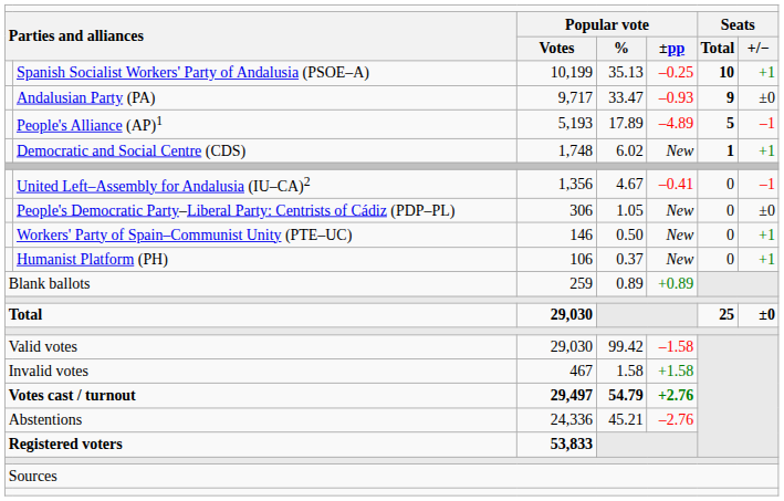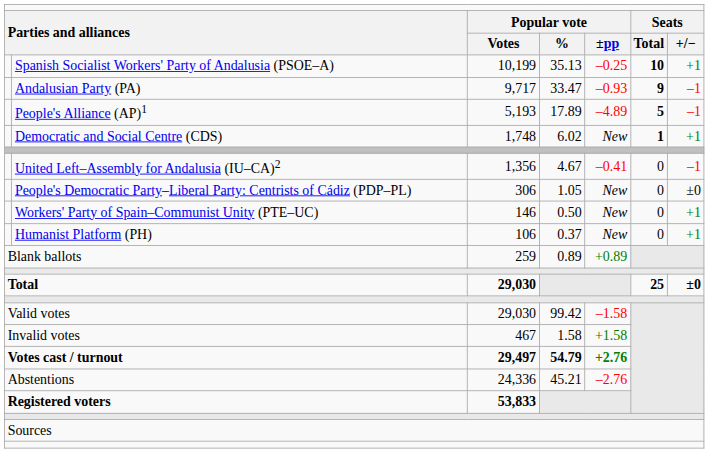 <table class="wikitable" style="text-align:right;">
 <tr>
 <td colspan="7"></td>
 </tr>
 <tr>
 <th style="text-align:left;" rowspan="2" colspan="2" width="525">Parties and alliances</th>
 <th colspan="3">Popular vote</th>
 <th colspan="2">Seats</th>
 </tr>
 <tr>
 <th width="75">Votes</th>
 <th width="45">%</th>
 <th width="45">±<a href='#'>pp</a></th>
 <th width="35">Total</th>
 <th width="35">+/−</th>
 </tr>
 <tr>
 <td width="1" style="color:inherit;background:"></td>
 <td align="left"><a href='#'>Spanish Socialist Workers' Party of Andalusia</a> (PSOE–A)</td>
 <td>10,199</td>
 <td>35.13</td>
 <td style="color:red;">–0.25</td>
 <td><strong>10</strong></td>
 <td style="color:green;">+1</td>
 </tr>
 <tr>
 <td style="color:inherit;background:"></td>
 <td align="left"><a href='#'>Andalusian Party</a> (PA)</td>
 <td>9,717</td>
 <td>33.47</td>
 <td style="color:red;">–0.93</td>
 <td><strong>9</strong></td>
-<td>±0</td>
+<td style="color:red;">–1</td>
 </tr>
 <tr>
 <td style="color:inherit;background:"></td>
 <td align="left"><a href='#'>People's Alliance</a> (AP)<sup>1</sup></td>
 <td>5,193</td>
 <td>17.89</td>
 <td style="color:red;">–4.89</td>
 <td><strong>5</strong></td>
 <td style="color:red;">–1</td>
 </tr>
 <tr>
 <td style="color:inherit;background:"></td>
 <td align="left"><a href='#'>Democratic and Social Centre</a> (CDS)</td>
 <td>1,748</td>
 <td>6.02</td>
 <td><em>New</em></td>
 <td><strong>1</strong></td>
 <td style="color:green;">+1</td>
 </tr>
 <tr>
 <td colspan="7" bgcolor="#C0C0C0"></td>
 </tr>
 <tr>
 <td style="color:inherit;background:"></td>
 <td align="left"><a href='#'>United Left–Assembly for Andalusia</a> (IU–CA)<sup>2</sup></td>
 <td>1,356</td>
 <td>4.67</td>
 <td style="color:red;">–0.41</td>
 <td>0</td>
 <td style="color:red;">–1</td>
 </tr>
 <tr>
 <td style="color:inherit;background:"></td>
 <td align="left"><a href='#'>People's Democratic Party</a>–<a href='#'>Liberal Party: Centrists of Cádiz</a> (PDP–PL)</td>
 <td>306</td>
 <td>1.05</td>
 <td><em>New</em></td>
 <td>0</td>
 <td>±0</td>
 </tr>
 <tr>
 <td style="color:inherit;background:"></td>
 <td align="left"><a href='#'>Workers' Party of Spain–Communist Unity</a> (PTE–UC)</td>
 <td>146</td>
 <td>0.50</td>
 <td><em>New</em></td>
 <td>0</td>
 <td style="color:green;">+1</td>
 </tr>
 <tr>
 <td style="color:inherit;background:"></td>
 <td align="left"><a href='#'>Humanist Platform</a> (PH)</td>
 <td>106</td>
 <td>0.37</td>
 <td><em>New</em></td>
 <td>0</td>
 <td style="color:green;">+1</td>
 </tr>
 <tr>
 <td align="left" colspan="2">Blank ballots</td>
 <td>259</td>
 <td>0.89</td>
 <td style="color:green;">+0.89</td>
 <td bgcolor="#E9E9E9" colspan="2"></td>
 </tr>
 <tr>
 <td colspan="7" bgcolor="#E9E9E9"></td>
 </tr>
 <tr style="font-weight:bold;">
 <td align="left" colspan="2">Total</td>
 <td>29,030</td>
 <td bgcolor="#E9E9E9" colspan="2"></td>
 <td>25</td>
 <td>±0</td>
 </tr>
 <tr>
 <td colspan="7" bgcolor="#E9E9E9"></td>
 </tr>
 <tr>
 <td align="left" colspan="2">Valid votes</td>
 <td>29,030</td>
 <td>99.42</td>
 <td style="color:red;">–1.58</td>
 <td bgcolor="#E9E9E9" colspan="2" rowspan="5"></td>
 </tr>
 <tr>
 <td align="left" colspan="2">Invalid votes</td>
 <td>467</td>
 <td>1.58</td>
 <td style="color:green;">+1.58</td>
 </tr>
 <tr style="font-weight:bold;">
 <td align="left" colspan="2">Votes cast / turnout</td>
 <td>29,497</td>
 <td>54.79</td>
 <td style="color:green;">+2.76</td>
 </tr>
 <tr>
 <td align="left" colspan="2">Abstentions</td>
 <td>24,336</td>
 <td>45.21</td>
 <td style="color:red;">–2.76</td>
 </tr>
 <tr style="font-weight:bold;">
 <td align="left" colspan="2">Registered voters</td>
 <td>53,833</td>
 <td bgcolor="#E9E9E9" colspan="2"></td>
 </tr>
 <tr>
 <td colspan="7" bgcolor="#E9E9E9"></td>
 </tr>
 <tr>
 <td align="left" colspan="7">Sources</td>
 </tr>
 <tr>
 <td colspan="7" style="text-align:left; max-width:790px;"></td>
 </tr>
 </table>
